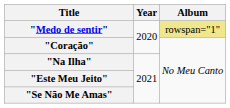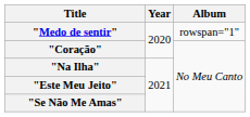 <table class="wikitable plainrowheaders" style="text-align:center;">
 <tr>
 <th scope="col" style="width:12em;">Title</th>
 <th scope="col" style="width:1em;">Year</th>
 <th scope="col">Album</th>
 </tr>
 <tr>
 <th scope="row">"<a href='#'>Medo de sentir</a>"</th>
 <td rowspan="2">2020</td>
-<td style="background: khaki;">rowspan="1" </td>
+<td>rowspan="1" </td>
 </tr>
 <tr>
 <th scope="row">"Coração"</th>
 <td rowspan="4"><em>No Meu Canto</em></td>
 </tr>
 <tr>
 <th scope="row">"Na Ilha"</th>
 <td rowspan="3">2021</td>
 </tr>
 <tr>
 <th scope="row">"Este Meu Jeito"</th>
 </tr>
 <tr>
 <th scope="row">"Se Não Me Amas"</th>
 </tr>
 </table>
